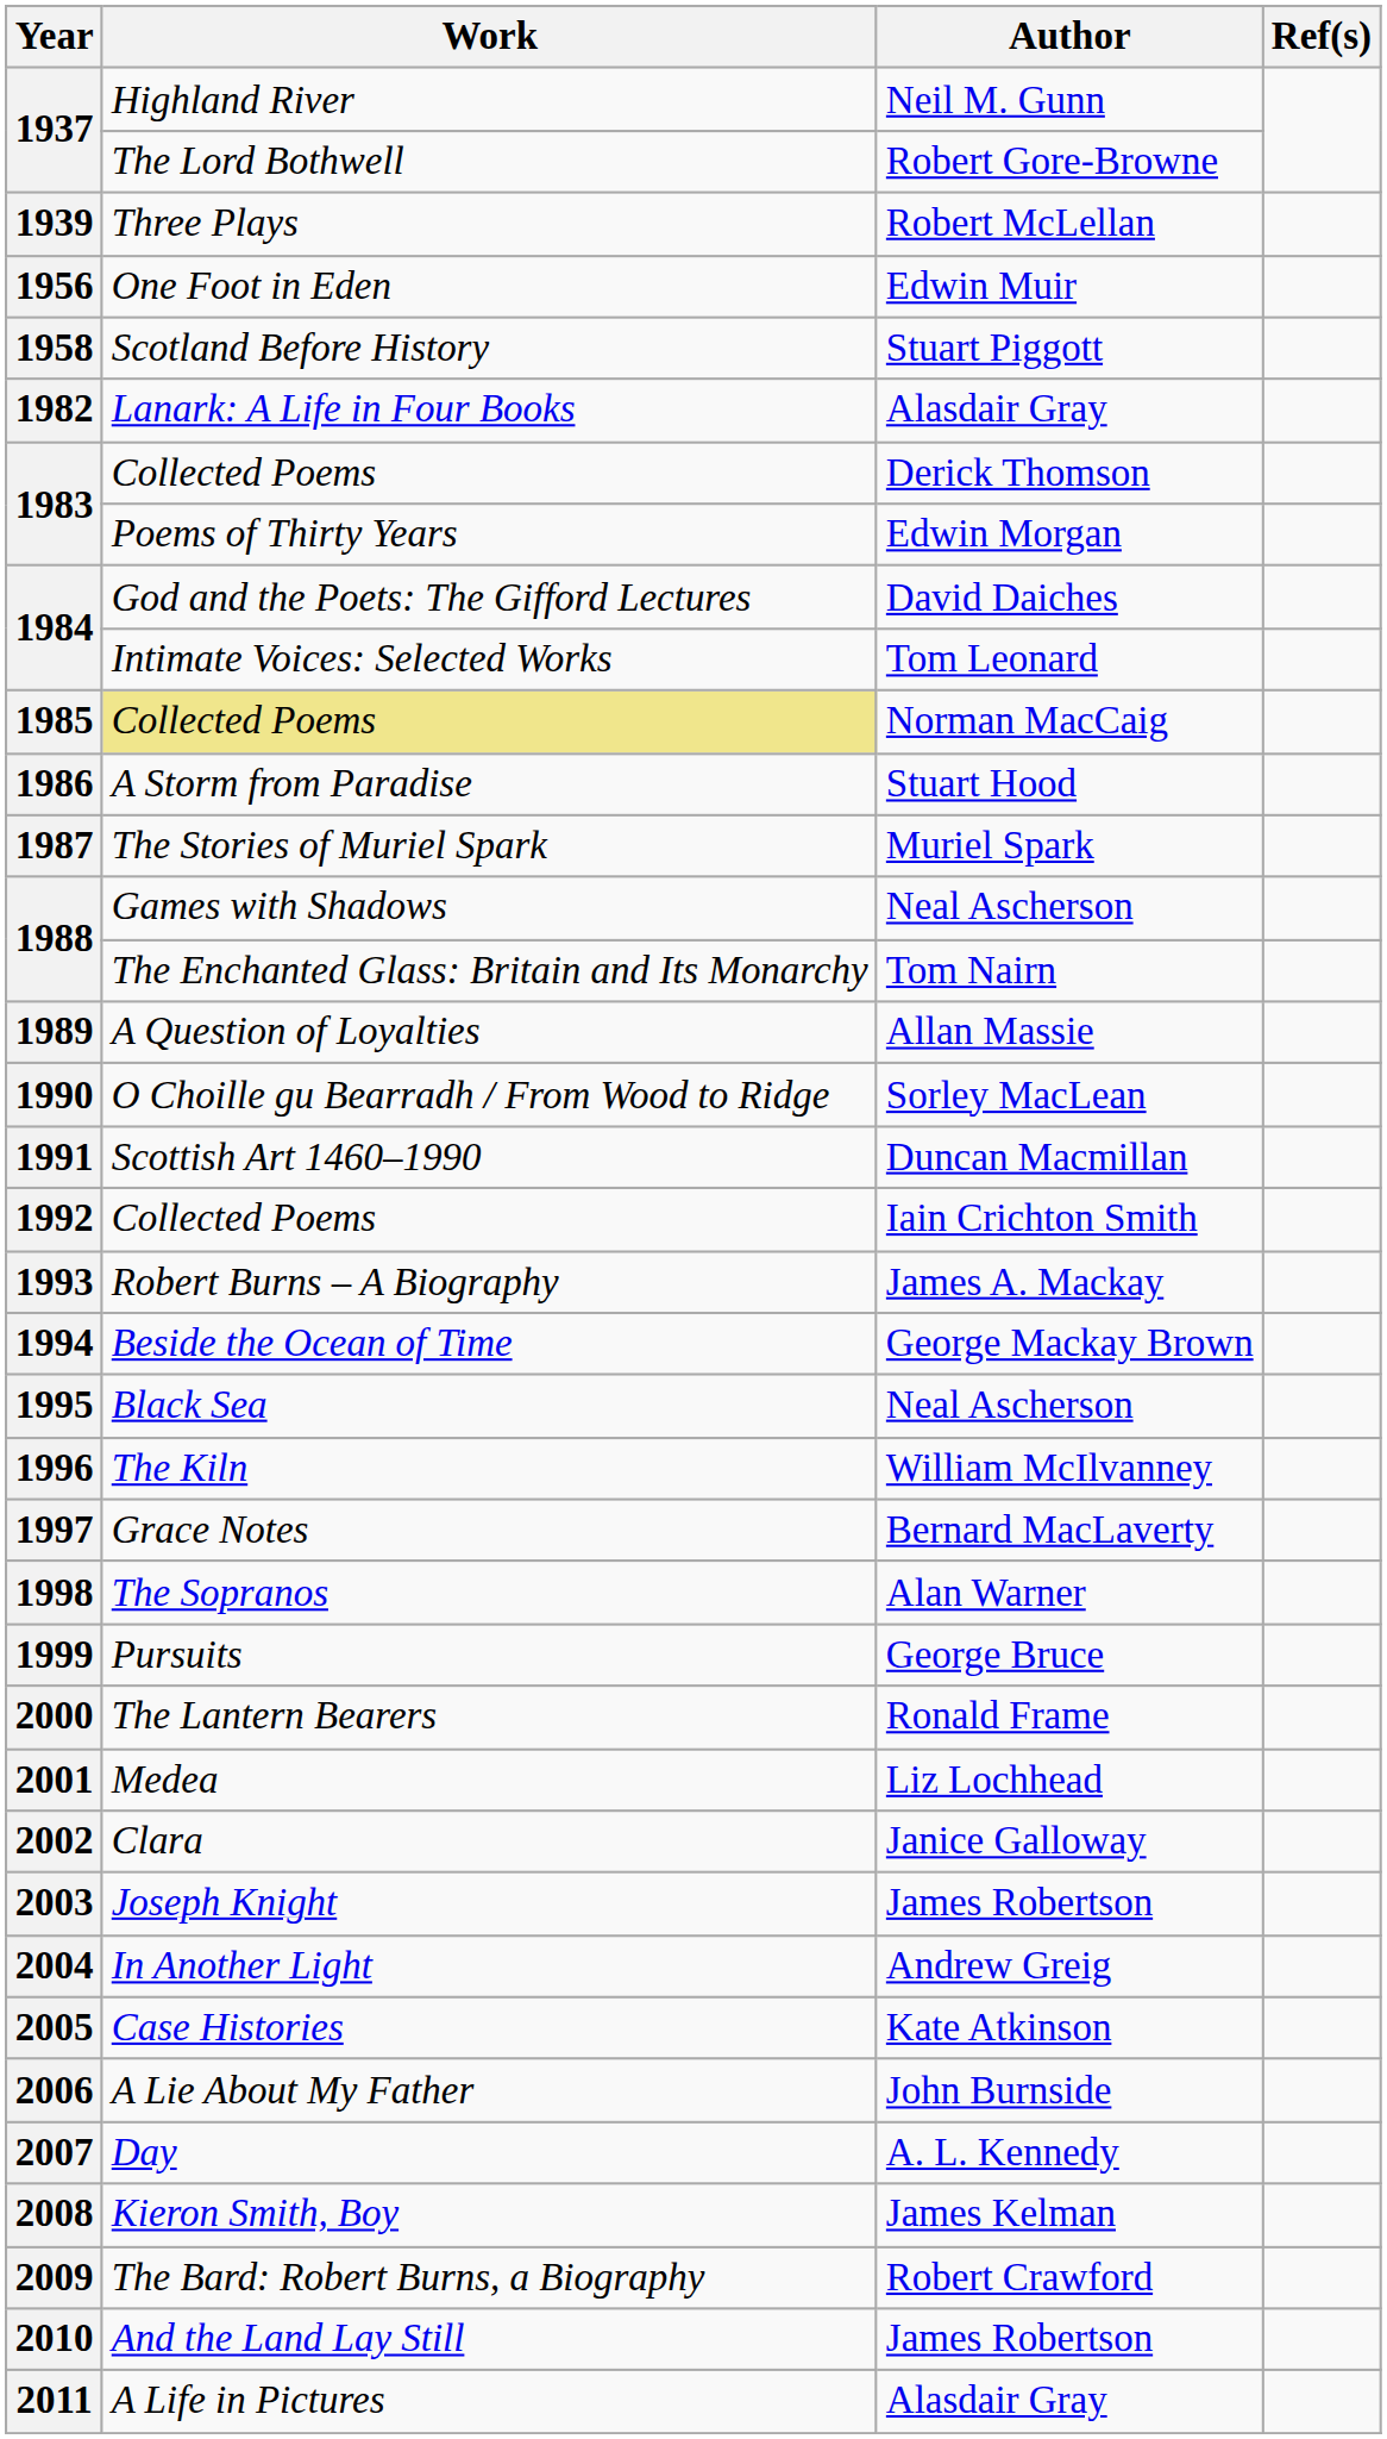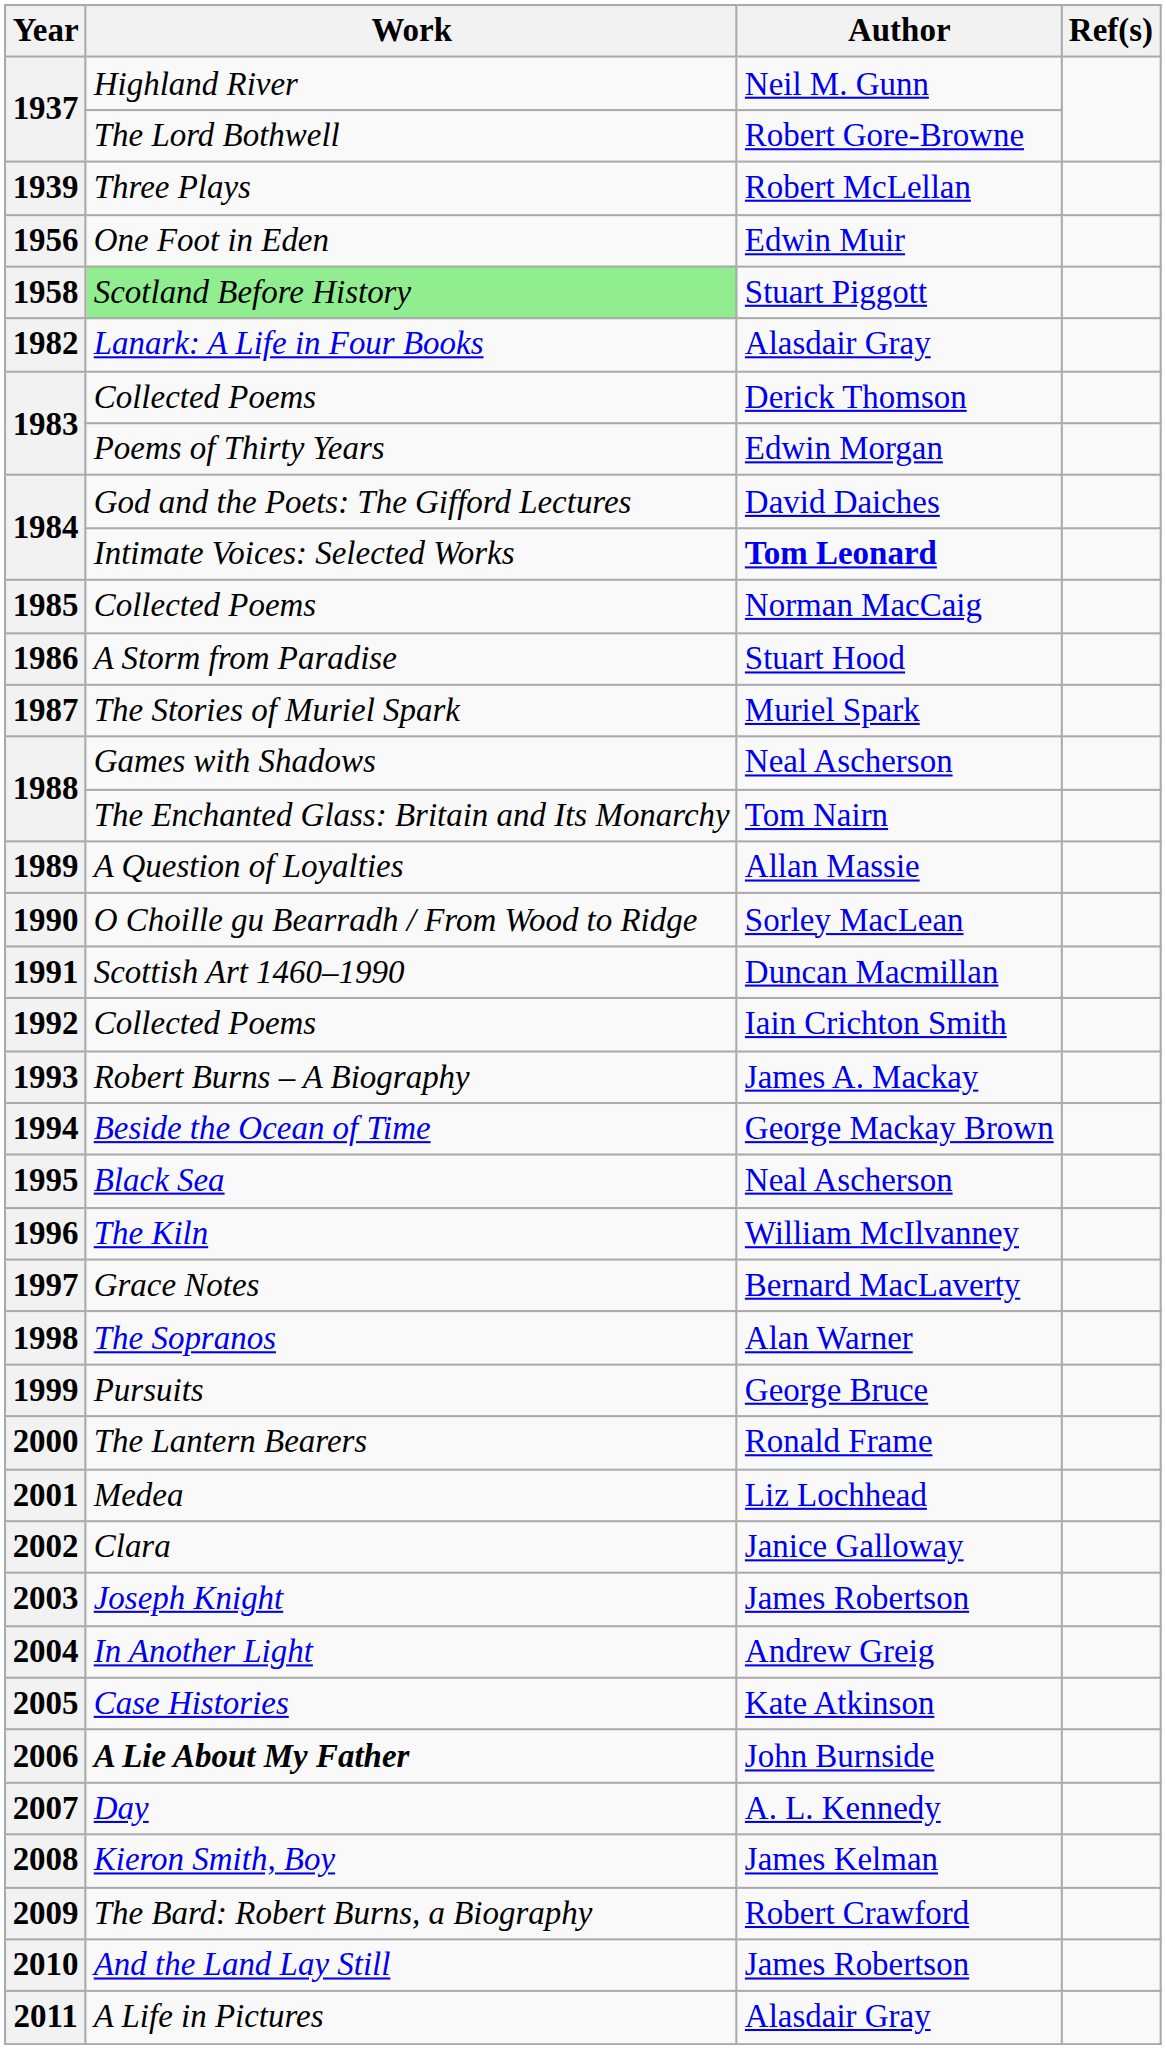 <table class="wikitable sortable plainrowheaders">
 <tr>
 <th scope="col">Year</th>
 <th scope="col">Work</th>
 <th scope="col">Author</th>
 <th class="unsortable" scope="col">Ref(s)</th>
 </tr>
 <tr>
 <th rowspan="2">1937</th>
 <td><em>Highland River</em></td>
 <td><a href='#'>Neil M. Gunn</a></td>
 <td rowspan="2"></td>
 </tr>
 <tr>
 <td 1937><em>The Lord Bothwell</em></td>
 <td><a href='#'>Robert Gore-Browne</a></td>
 </tr>
 <tr>
 <th>1939</th>
 <td><em>Three Plays</em></td>
 <td><a href='#'>Robert McLellan</a></td>
 <td></td>
 </tr>
 <tr>
 <th>1956</th>
 <td><em>One Foot in Eden</em></td>
 <td><a href='#'>Edwin Muir</a></td>
 <td></td>
 </tr>
 <tr>
 <th>1958</th>
-<td><em>Scotland Before History</em></td>
+<td style="background: lightgreen;"><em>Scotland Before History</em></td>
 <td><a href='#'>Stuart Piggott</a></td>
 <td></td>
 </tr>
 <tr>
 <th>1982</th>
 <td><em><a href='#'>Lanark: A Life in Four Books</a></em></td>
 <td><a href='#'>Alasdair Gray</a></td>
 <td></td>
 </tr>
 <tr>
 <th rowspan="2">1983</th>
 <td><em>Collected Poems</em></td>
 <td><a href='#'>Derick Thomson</a></td>
 <td></td>
 </tr>
 <tr>
 <td><em>Poems of Thirty Years</em></td>
 <td><a href='#'>Edwin Morgan</a></td>
 <td></td>
 </tr>
 <tr>
 <th rowspan="2">1984</th>
 <td><em>God and the Poets: The Gifford Lectures</em></td>
 <td><a href='#'>David Daiches</a></td>
 <td></td>
 </tr>
 <tr>
 <td><em>Intimate Voices: Selected Works</em></td>
-<td><a href='#'>Tom Leonard</a></td>
+<td><strong><a href='#'>Tom Leonard</a></strong></td>
 <td></td>
 </tr>
 <tr>
 <th>1985</th>
-<td style="background: khaki;"><em>Collected Poems</em></td>
+<td><em>Collected Poems</em></td>
 <td><a href='#'>Norman MacCaig</a></td>
 <td></td>
 </tr>
 <tr>
 <th>1986</th>
 <td><em>A Storm from Paradise</em></td>
 <td><a href='#'>Stuart Hood</a></td>
 <td></td>
 </tr>
 <tr>
 <th>1987</th>
 <td><em>The Stories of Muriel Spark</em></td>
 <td><a href='#'>Muriel Spark</a></td>
 <td></td>
 </tr>
 <tr>
 <th rowspan="2">1988</th>
 <td><em>Games with Shadows</em></td>
 <td><a href='#'>Neal Ascherson</a></td>
 <td></td>
 </tr>
 <tr>
 <td><em>The Enchanted Glass: Britain and Its Monarchy</em></td>
 <td><a href='#'>Tom Nairn</a></td>
 <td></td>
 </tr>
 <tr>
 <th>1989</th>
 <td><em>A Question of Loyalties</em></td>
 <td><a href='#'>Allan Massie</a></td>
 <td></td>
 </tr>
 <tr>
 <th>1990</th>
 <td><em>O Choille gu Bearradh / From Wood to Ridge</em></td>
 <td><a href='#'>Sorley MacLean</a></td>
 <td></td>
 </tr>
 <tr>
 <th>1991</th>
 <td><em>Scottish Art 1460–1990</em></td>
 <td><a href='#'>Duncan Macmillan</a></td>
 <td></td>
 </tr>
 <tr>
 <th>1992</th>
 <td><em>Collected Poems</em></td>
 <td><a href='#'>Iain Crichton Smith</a></td>
 <td></td>
 </tr>
 <tr>
 <th>1993</th>
 <td><em>Robert Burns – A Biography</em></td>
 <td><a href='#'>James A. Mackay</a></td>
 <td></td>
 </tr>
 <tr>
 <th>1994</th>
 <td><em><a href='#'>Beside the Ocean of Time</a></em></td>
 <td><a href='#'>George Mackay Brown</a></td>
 <td></td>
 </tr>
 <tr>
 <th>1995</th>
 <td><em><a href='#'>Black Sea</a></em></td>
 <td><a href='#'>Neal Ascherson</a></td>
 <td></td>
 </tr>
 <tr>
 <th>1996</th>
 <td><em><a href='#'>The Kiln</a></em></td>
 <td><a href='#'>William McIlvanney</a></td>
 <td></td>
 </tr>
 <tr>
 <th>1997</th>
 <td><em>Grace Notes</em></td>
 <td><a href='#'>Bernard MacLaverty</a></td>
 <td></td>
 </tr>
 <tr>
 <th>1998</th>
 <td><em><a href='#'>The Sopranos</a></em></td>
 <td><a href='#'>Alan Warner</a></td>
 <td></td>
 </tr>
 <tr>
 <th>1999</th>
 <td><em>Pursuits</em></td>
 <td><a href='#'>George Bruce</a></td>
 <td></td>
 </tr>
 <tr>
 <th>2000</th>
 <td><em>The Lantern Bearers</em></td>
 <td><a href='#'>Ronald Frame</a></td>
 <td></td>
 </tr>
 <tr>
 <th>2001</th>
 <td><em>Medea</em></td>
 <td><a href='#'>Liz Lochhead</a></td>
 <td></td>
 </tr>
 <tr>
 <th>2002</th>
 <td><em>Clara</em></td>
 <td><a href='#'>Janice Galloway</a></td>
 <td></td>
 </tr>
 <tr>
 <th>2003</th>
 <td><em><a href='#'>Joseph Knight</a></em></td>
 <td><a href='#'>James Robertson</a></td>
 <td></td>
 </tr>
 <tr>
 <th>2004</th>
 <td><em><a href='#'>In Another Light</a></em></td>
 <td><a href='#'>Andrew Greig</a></td>
 <td></td>
 </tr>
 <tr>
 <th>2005</th>
 <td><em><a href='#'>Case Histories</a></em></td>
 <td><a href='#'>Kate Atkinson</a></td>
 <td></td>
 </tr>
 <tr>
 <th>2006</th>
-<td><em>A Lie About My Father</em></td>
+<td><strong><em>A Lie About My Father</em></strong></td>
 <td><a href='#'>John Burnside</a></td>
 <td></td>
 </tr>
 <tr>
 <th>2007</th>
 <td><em><a href='#'>Day</a></em></td>
 <td><a href='#'>A. L. Kennedy</a></td>
 <td></td>
 </tr>
 <tr>
 <th>2008</th>
 <td><em><a href='#'>Kieron Smith, Boy</a></em></td>
 <td><a href='#'>James Kelman</a></td>
 <td></td>
 </tr>
 <tr>
 <th>2009</th>
 <td><em>The Bard: Robert Burns, a Biography</em></td>
 <td><a href='#'>Robert Crawford</a></td>
 <td></td>
 </tr>
 <tr>
 <th>2010</th>
 <td><em><a href='#'>And the Land Lay Still</a></em></td>
 <td><a href='#'>James Robertson</a></td>
 <td></td>
 </tr>
 <tr>
 <th>2011</th>
 <td><em>A Life in Pictures</em></td>
 <td><a href='#'>Alasdair Gray</a></td>
 <td></td>
 </tr>
 <tr>
 </tr>
 </table>
